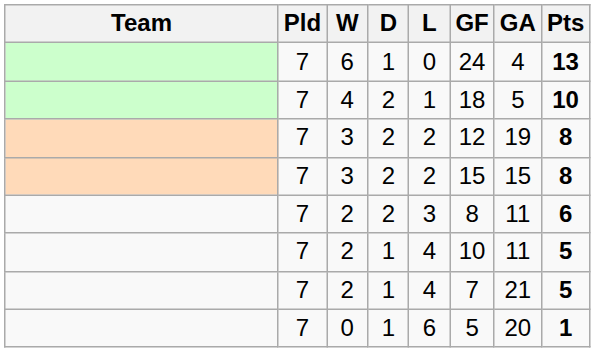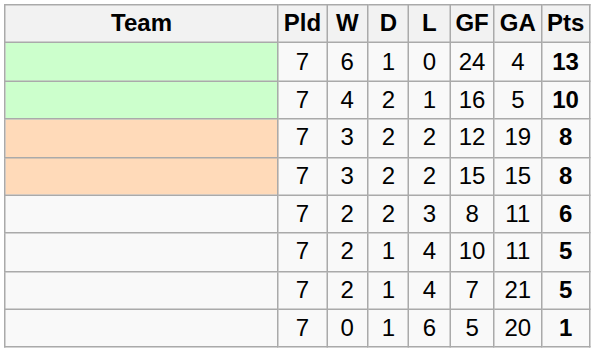 <table class="wikitable" style="text-align:center">
 <tr>
 <th width=175>Team</th>
 <th width=20>Pld</th>
 <th width=20>W</th>
 <th width=20>D</th>
 <th width=20>L</th>
 <th width=20>GF</th>
 <th width=20>GA</th>
 <th width=20>Pts</th>
 </tr>
 <tr>
 <td align=left style="background:#ccffcc;"></td>
 <td>7</td>
 <td>6</td>
 <td>1</td>
 <td>0</td>
 <td>24</td>
 <td>4</td>
 <td><strong>13</strong></td>
 </tr>
 <tr>
 <td align=left style="background:#ccffcc;"></td>
 <td>7</td>
 <td>4</td>
 <td>2</td>
 <td>1</td>
-<td>18</td>
+<td>16</td>
 <td>5</td>
 <td><strong>10</strong></td>
 </tr>
 <tr>
 <td align=left style="background:#ffdab9;"></td>
 <td>7</td>
 <td>3</td>
 <td>2</td>
 <td>2</td>
 <td>12</td>
 <td>19</td>
 <td><strong>8</strong></td>
 </tr>
 <tr>
 <td align=left style="background:#ffdab9;"></td>
 <td>7</td>
 <td>3</td>
 <td>2</td>
 <td>2</td>
 <td>15</td>
 <td>15</td>
 <td><strong>8</strong></td>
 </tr>
 <tr>
 <td align=left></td>
 <td>7</td>
 <td>2</td>
 <td>2</td>
 <td>3</td>
 <td>8</td>
 <td>11</td>
 <td><strong>6</strong></td>
 </tr>
 <tr>
 <td align=left></td>
 <td>7</td>
 <td>2</td>
 <td>1</td>
 <td>4</td>
 <td>10</td>
 <td>11</td>
 <td><strong>5</strong></td>
 </tr>
 <tr>
 <td align=left></td>
 <td>7</td>
 <td>2</td>
 <td>1</td>
 <td>4</td>
 <td>7</td>
 <td>21</td>
 <td><strong>5</strong></td>
 </tr>
 <tr>
 <td align=left></td>
 <td>7</td>
 <td>0</td>
 <td>1</td>
 <td>6</td>
 <td>5</td>
 <td>20</td>
 <td><strong>1</strong></td>
 </tr>
 </table>
